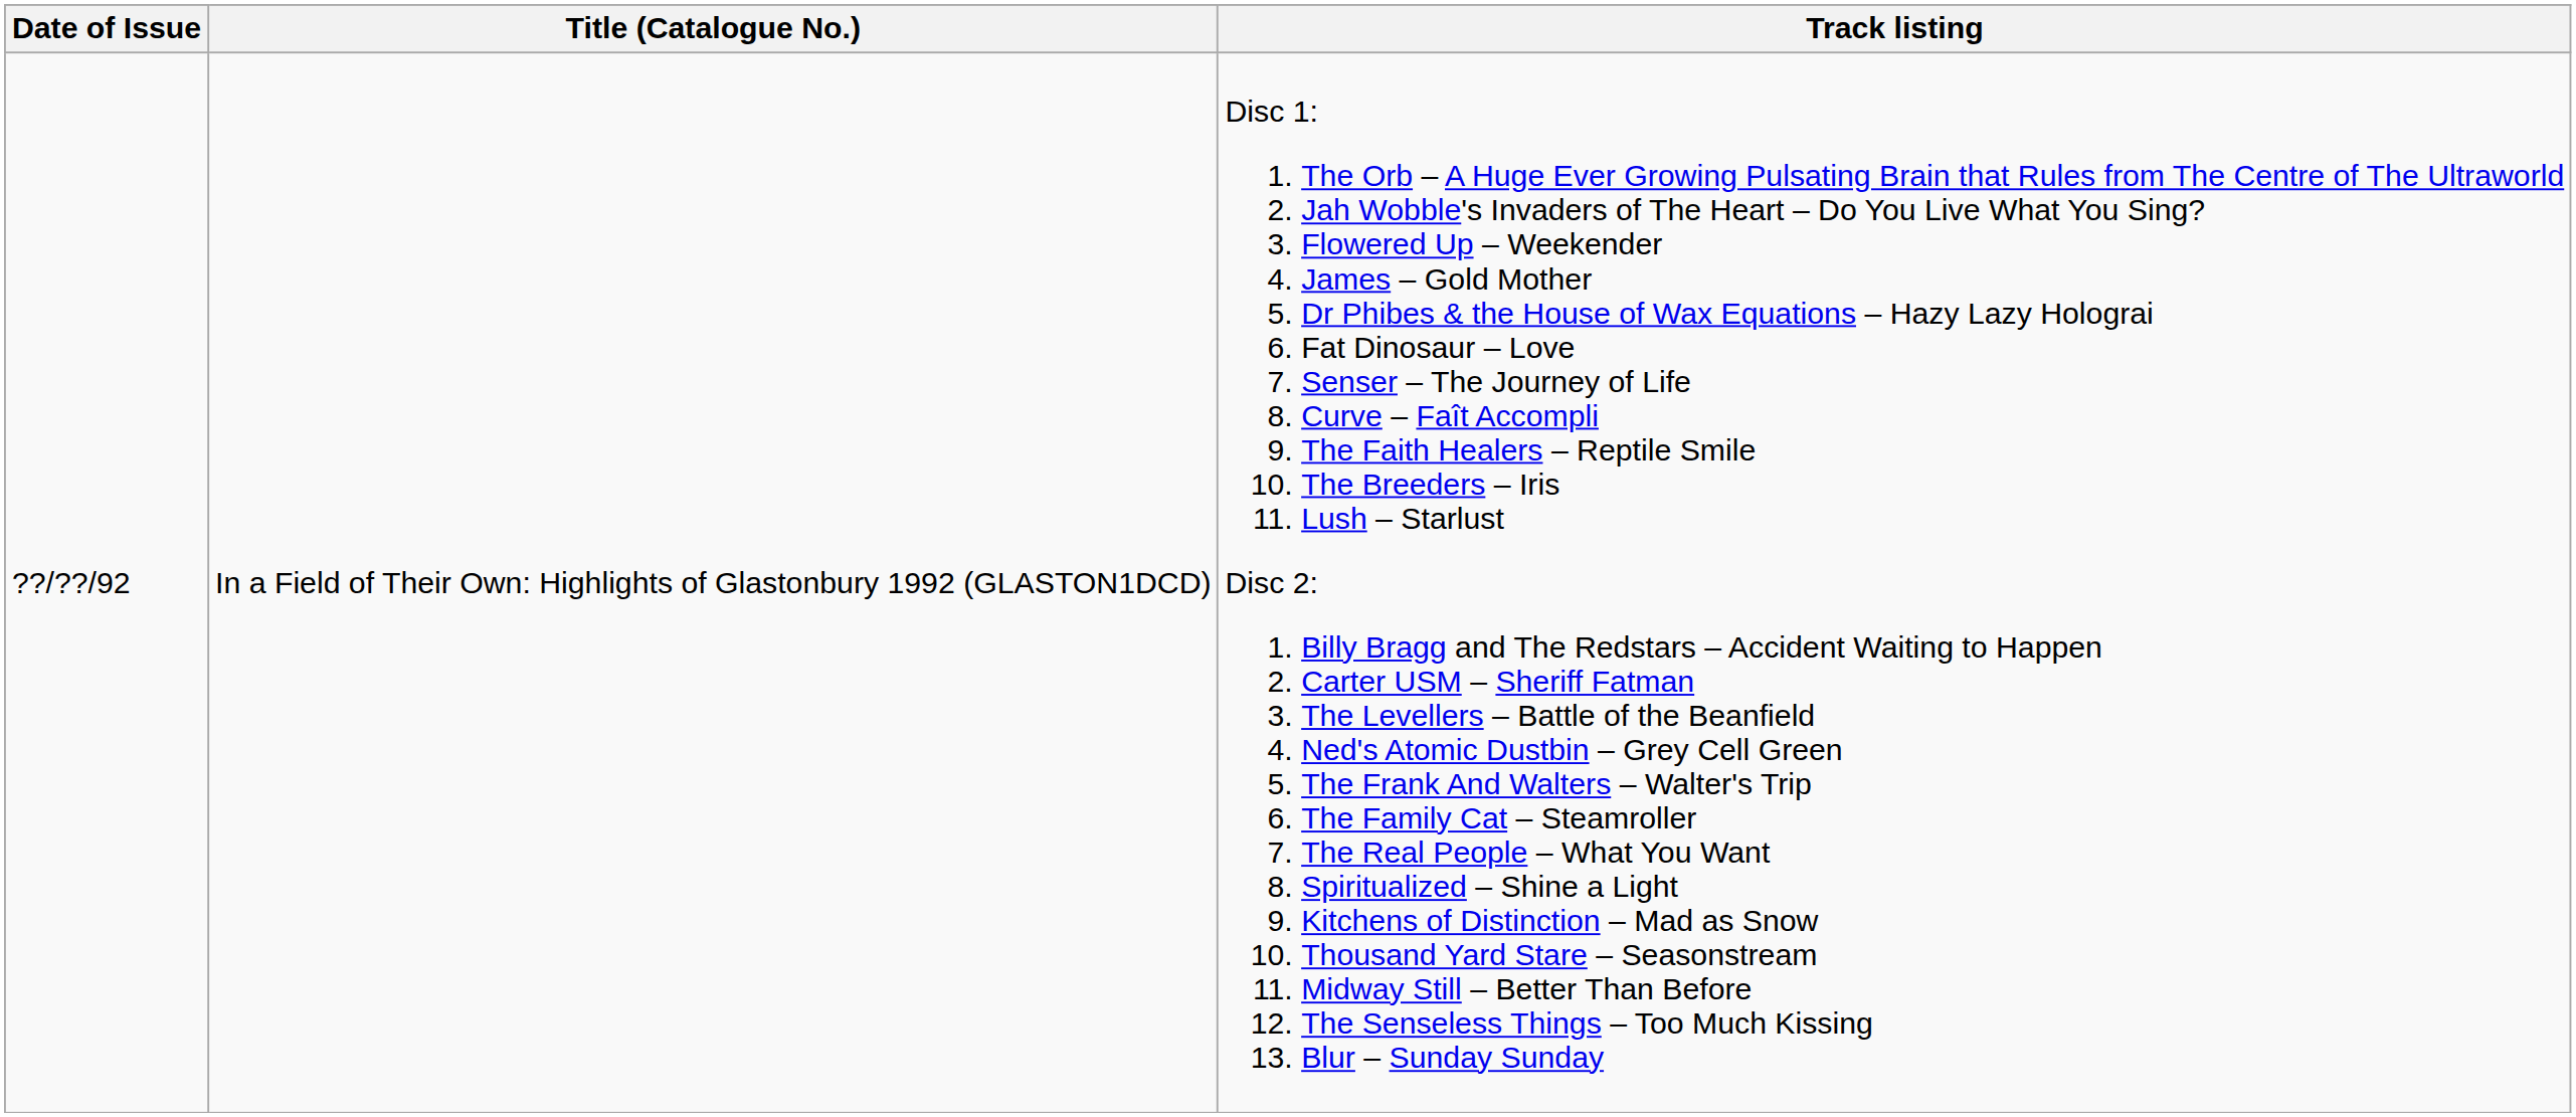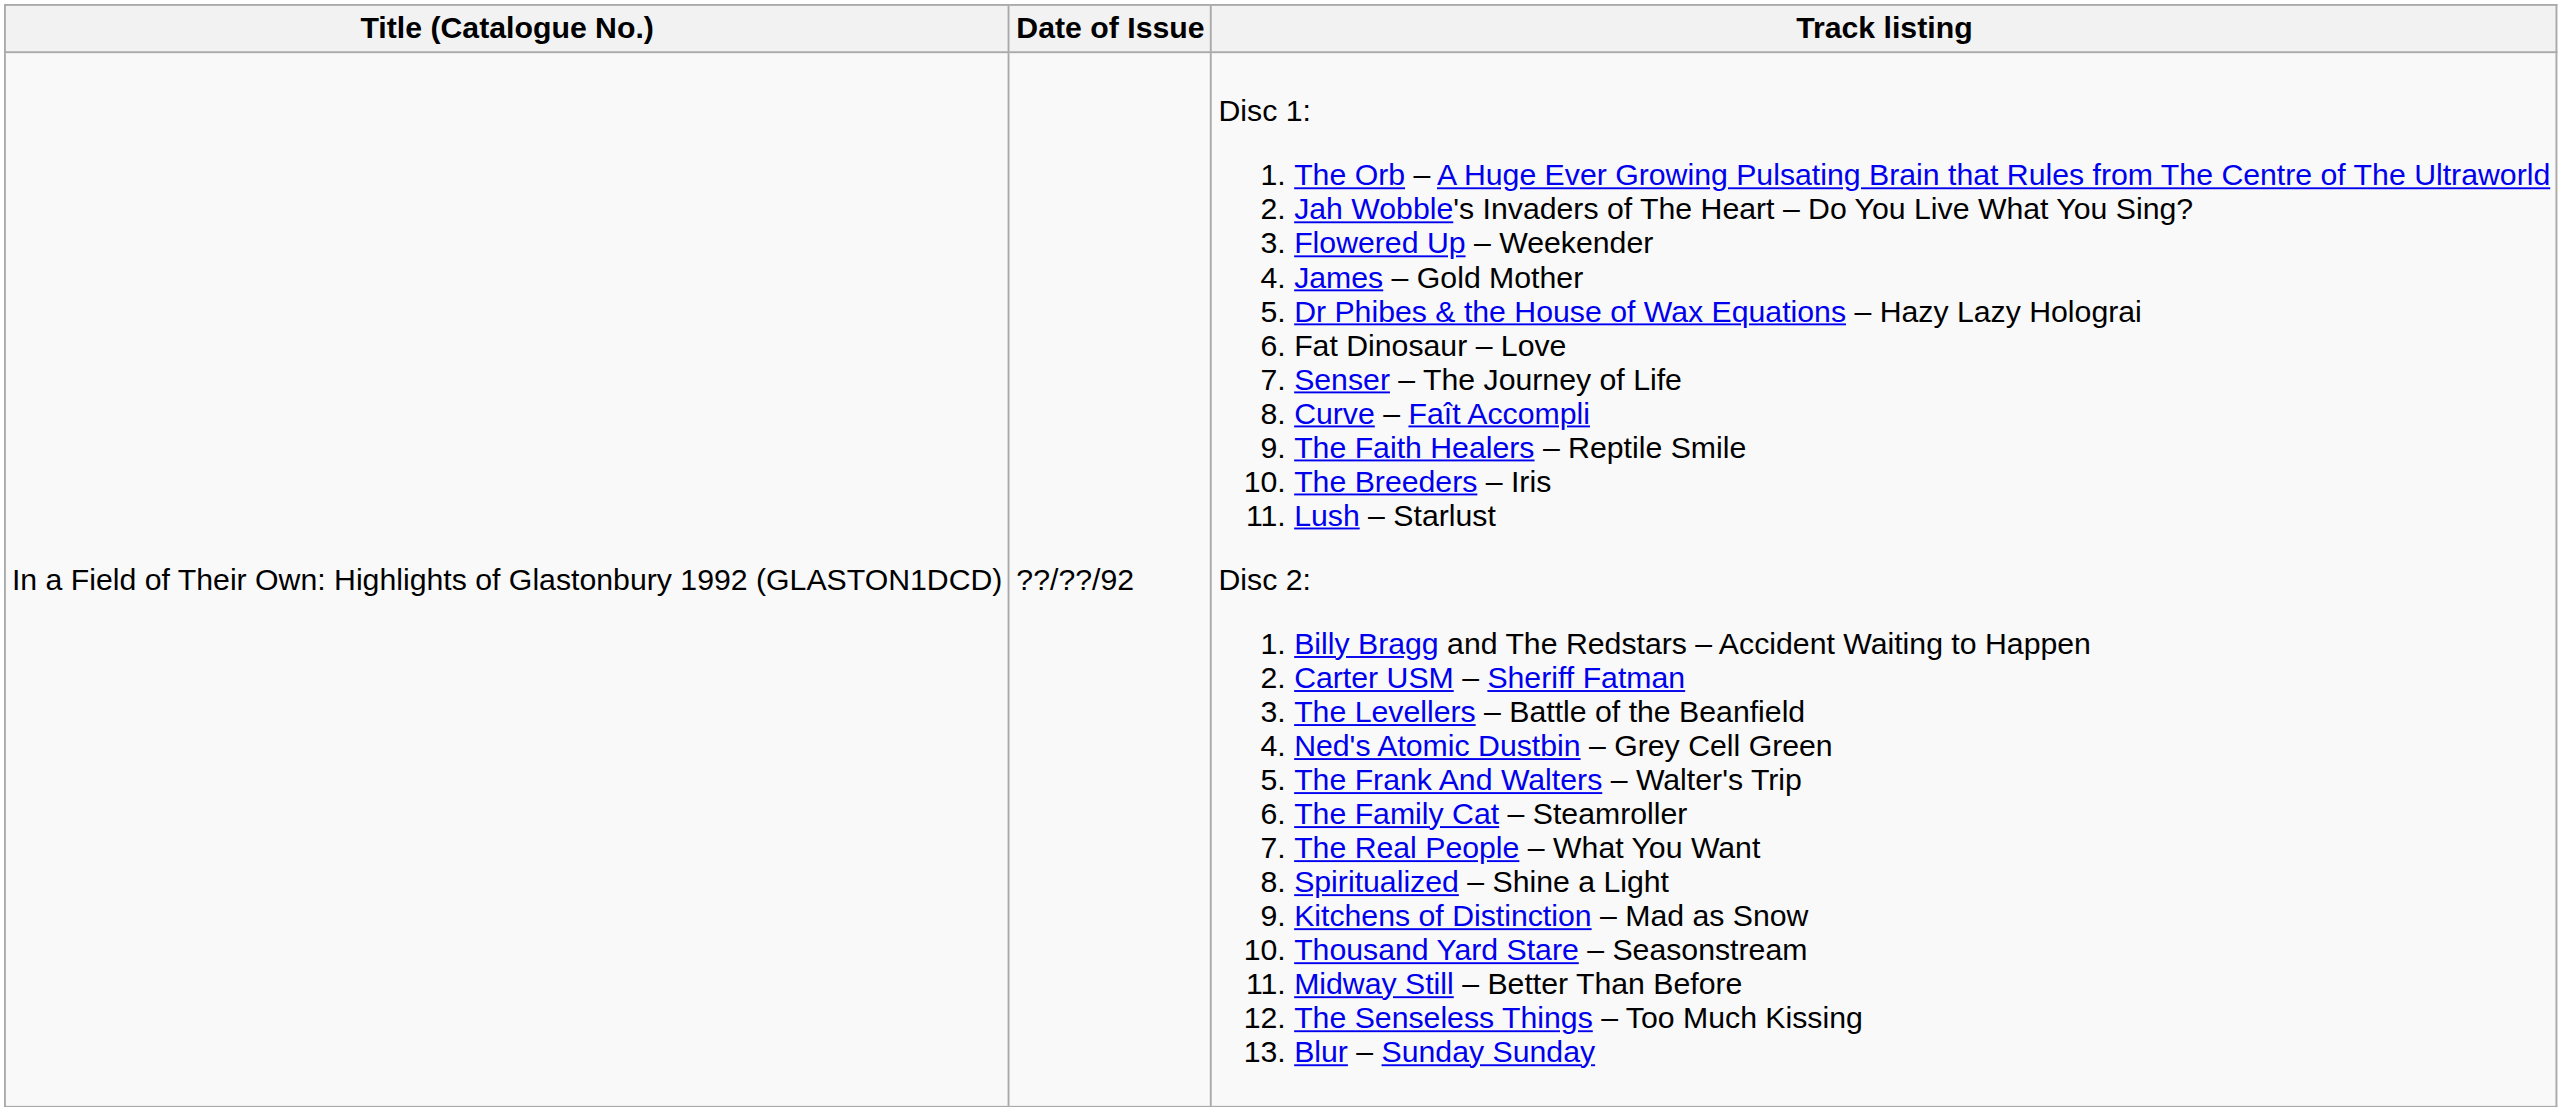 <table class="wikitable">
 <tr>
+<th>Title (Catalogue No.)</th>
 <th>Date of Issue</th>
-<th>Title (Catalogue No.)</th>
 <th>Track listing</th>
 </tr>
 <tr>
+<td>In a Field of Their Own: Highlights of Glastonbury 1992 (GLASTON1DCD)</td>
 <td>??/??/92</td>
-<td>In a Field of Their Own: Highlights of Glastonbury 1992 (GLASTON1DCD)</td>
 <td><br>Disc 1:<ol><li><a href='#'>The Orb</a> – <a href='#'>A Huge Ever Growing Pulsating Brain that Rules from The Centre of The Ultraworld</a></li><li><a href='#'>Jah Wobble</a>'s Invaders of The Heart – Do You Live What You Sing?</li><li><a href='#'>Flowered Up</a> – Weekender</li><li><a href='#'>James</a> – Gold Mother</li><li><a href='#'>Dr Phibes & the House of Wax Equations</a> – Hazy Lazy Holograi</li><li>Fat Dinosaur – Love</li><li><a href='#'>Senser</a> – The Journey of Life</li><li><a href='#'>Curve</a> – <a href='#'>Faît Accompli</a></li><li><a href='#'>The Faith Healers</a> – Reptile Smile</li><li><a href='#'>The Breeders</a> – Iris</li><li><a href='#'>Lush</a> – Starlust</li></ol>Disc 2:<ol><li><a href='#'>Billy Bragg</a> and The Redstars – Accident Waiting to Happen</li><li><a href='#'>Carter USM</a> – <a href='#'>Sheriff Fatman</a></li><li><a href='#'>The Levellers</a> – Battle of the Beanfield</li><li><a href='#'>Ned's Atomic Dustbin</a> – Grey Cell Green</li><li><a href='#'>The Frank And Walters</a> – Walter's Trip</li><li><a href='#'>The Family Cat</a> – Steamroller</li><li><a href='#'>The Real People</a> – What You Want</li><li><a href='#'>Spiritualized</a> – Shine a Light</li><li><a href='#'>Kitchens of Distinction</a> – Mad as Snow</li><li><a href='#'>Thousand Yard Stare</a> – Seasonstream</li><li><a href='#'>Midway Still</a> – Better Than Before</li><li><a href='#'>The Senseless Things</a> – Too Much Kissing</li><li><a href='#'>Blur</a> – <a href='#'>Sunday Sunday</a></li></ol></td>
 </tr>
 </table>
